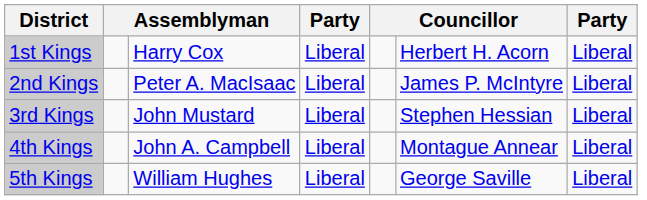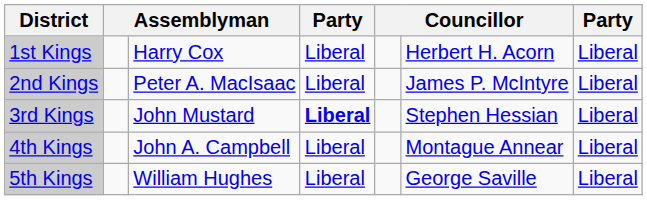 <table class="wikitable">
 <tr>
 <th>District</th>
 <th colspan="2">Assemblyman</th>
 <th>Party</th>
 <th colspan="2">Councillor</th>
 <th>Party</th>
 </tr>
 <tr>
 <td bgcolor="CCCCCC"><a href='#'>1st Kings</a></td>
 <td>   </td>
 <td><a href='#'>Harry Cox</a></td>
 <td><a href='#'>Liberal</a></td>
 <td>   </td>
 <td><a href='#'>Herbert H. Acorn</a></td>
 <td><a href='#'>Liberal</a></td>
 </tr>
 <tr>
 <td bgcolor="CCCCCC"><a href='#'>2nd Kings</a></td>
 <td>   </td>
 <td><a href='#'>Peter A. MacIsaac</a></td>
 <td><a href='#'>Liberal</a></td>
 <td>   </td>
 <td><a href='#'>James P. McIntyre</a></td>
 <td><a href='#'>Liberal</a></td>
 </tr>
 <tr>
 <td bgcolor="CCCCCC"><a href='#'>3rd Kings</a></td>
 <td>   </td>
 <td><a href='#'>John Mustard</a></td>
-<td><a href='#'>Liberal</a></td>
+<td><strong><a href='#'>Liberal</a></strong></td>
 <td>   </td>
 <td><a href='#'>Stephen Hessian</a></td>
 <td><a href='#'>Liberal</a></td>
 </tr>
 <tr>
 <td bgcolor="CCCCCC"><a href='#'>4th Kings</a></td>
 <td>   </td>
 <td><a href='#'>John A. Campbell</a></td>
 <td><a href='#'>Liberal</a></td>
 <td>   </td>
 <td><a href='#'>Montague Annear</a></td>
 <td><a href='#'>Liberal</a></td>
 </tr>
 <tr>
 <td bgcolor="CCCCCC"><a href='#'>5th Kings</a></td>
 <td>   </td>
 <td><a href='#'>William Hughes</a></td>
 <td><a href='#'>Liberal</a></td>
 <td>   </td>
 <td><a href='#'>George Saville</a></td>
 <td><a href='#'>Liberal</a></td>
 </tr>
 </table>
